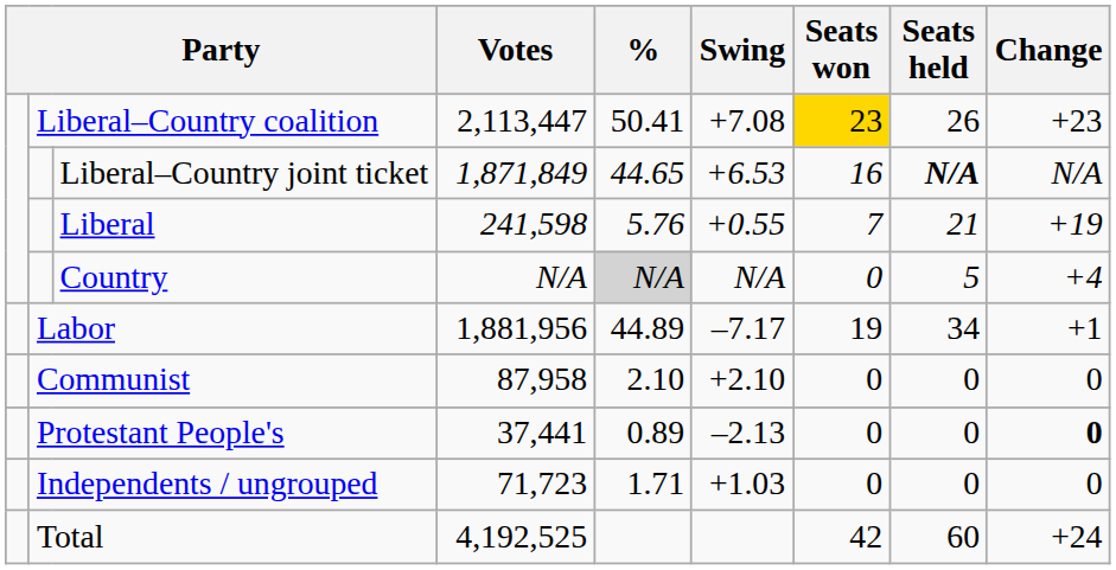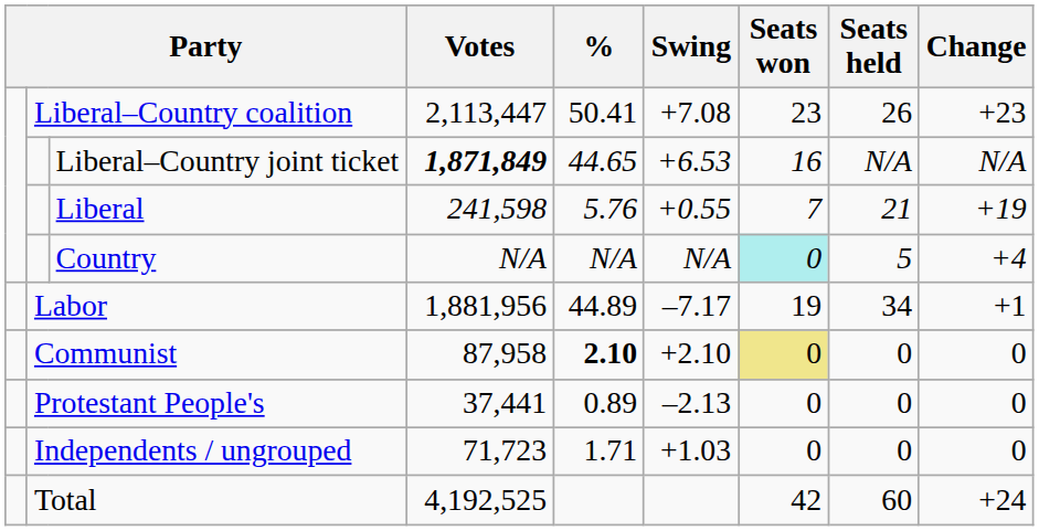 <table class="wikitable">
 <tr>
 <th colspan=3 style="width:180px">Party</th>
 <th style="width:70px">Votes</th>
 <th style="width:40px">%</th>
 <th style="width:40px">Swing</th>
 <th style="width:40px">Seats won</th>
 <th style="width:40px">Seats held</th>
 <th style="width:40px">Change</th>
 </tr>
 <tr>
 <td rowspan=4> </td>
 <td colspan=2><a href='#'>Liberal–Country coalition</a></td>
 <td align=right>2,113,447</td>
 <td align=right>50.41</td>
 <td align=right>+7.08</td>
-<td align=right style="background: gold;">23</td>
+<td align=right>23</td>
 <td align=right>26</td>
 <td align=right>+23</td>
 </tr>
 <tr>
 <td> </td>
 <td>Liberal–Country joint ticket</td>
-<td align=right><em>1,871,849</em></td>
+<td align=right><strong><em>1,871,849</em></strong></td>
 <td align=right><em>44.65</em></td>
 <td align=right><em>+6.53</em></td>
 <td align=right><em>16</em></td>
-<td align=right><strong><em>N/A</em></strong></td>
+<td align=right><em>N/A</em></td>
 <td align=right><em>N/A</em></td>
 </tr>
 <tr>
 <td> </td>
 <td><a href='#'>Liberal</a></td>
 <td align=right><em>241,598</em></td>
 <td align=right><em>5.76</em></td>
 <td align=right><em>+0.55</em></td>
 <td align=right><em>7</em></td>
 <td align=right><em>21</em></td>
 <td align=right><em>+19</em></td>
 </tr>
 <tr>
 <td> </td>
 <td><a href='#'>Country</a></td>
 <td align=right><em>N/A</em></td>
-<td align=right style="background: lightgrey;"><em>N/A</em></td>
 <td align=right><em>N/A</em></td>
-<td align=right><em>0</em></td>
+<td align=right><em>N/A</em></td>
+<td align=right style="background: paleturquoise;"><em>0</em></td>
 <td align=right><em>5</em></td>
 <td align=right><em>+4</em></td>
 </tr>
 <tr>
 <td> </td>
 <td colspan=2><a href='#'>Labor</a></td>
 <td align=right>1,881,956</td>
 <td align=right>44.89</td>
 <td align=right>–7.17</td>
 <td align=right>19</td>
 <td align=right>34</td>
 <td align=right>+1</td>
 </tr>
 <tr>
 <td> </td>
 <td colspan=2><a href='#'>Communist</a></td>
 <td align=right>87,958</td>
-<td align=right>2.10</td>
+<td align=right><strong>2.10</strong></td>
 <td align=right>+2.10</td>
-<td align=right>0</td>
+<td align=right style="background: khaki;">0</td>
 <td align=right>0</td>
 <td align=right>0</td>
 </tr>
 <tr>
 <td> </td>
 <td colspan=2><a href='#'>Protestant People's</a></td>
 <td align=right>37,441</td>
 <td align=right>0.89</td>
 <td align=right>–2.13</td>
 <td align=right>0</td>
 <td align=right>0</td>
-<td align=right><strong>0</strong></td>
+<td align=right>0</td>
 </tr>
 <tr>
 <td> </td>
 <td colspan=2><a href='#'>Independents / ungrouped</a></td>
 <td align=right>71,723</td>
 <td align=right>1.71</td>
 <td align=right>+1.03</td>
 <td align=right>0</td>
 <td align=right>0</td>
 <td align=right>0</td>
 </tr>
 <tr>
 <td> </td>
 <td colspan=2>Total</td>
 <td align=right>4,192,525</td>
 <td align=right> </td>
 <td align=right> </td>
 <td align=right>42</td>
 <td align=right>60</td>
 <td align=right>+24</td>
 </tr>
 </table>
